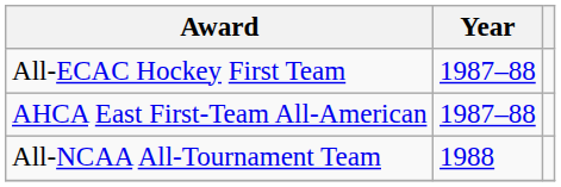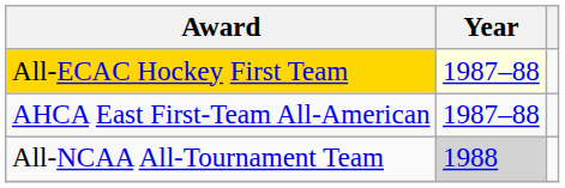 <table class="wikitable">
 <tr>
 <th>Award</th>
 <th>Year</th>
 <th></th>
 </tr>
 <tr>
-<td>All-<a href='#'>ECAC Hockey</a> <a href='#'>First Team</a></td>
-<td><a href='#'>1987–88</a></td>
+<td style="background: gold;">All-<a href='#'>ECAC Hockey</a> <a href='#'>First Team</a></td>
+<td style="background: lightyellow;"><a href='#'>1987–88</a></td>
 <td></td>
 </tr>
 <tr>
 <td><a href='#'>AHCA</a> <a href='#'>East First-Team All-American</a></td>
 <td><a href='#'>1987–88</a></td>
 <td></td>
 </tr>
 <tr>
 <td>All-<a href='#'>NCAA</a> <a href='#'>All-Tournament Team</a></td>
-<td><a href='#'>1988</a></td>
+<td style="background: lightgrey;"><a href='#'>1988</a></td>
 <td></td>
 </tr>
 <tr>
 </tr>
 </table>
